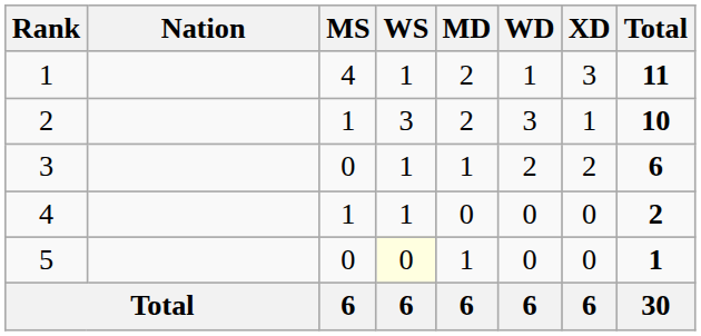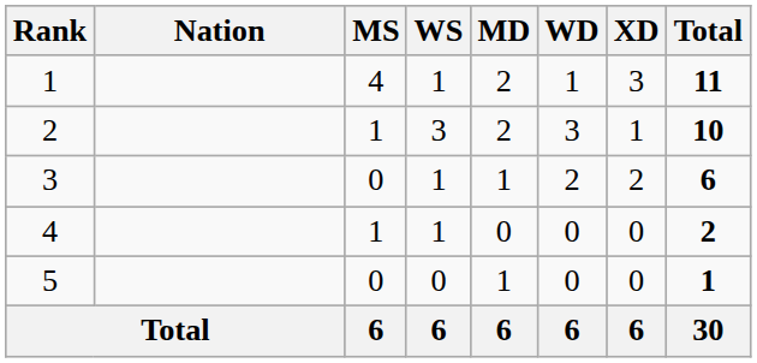 <table class="wikitable" style="text-align:center">
 <tr>
 <th width="20">Rank</th>
 <th width="120">Nation</th>
 <th width="20">MS</th>
 <th width="20">WS</th>
 <th width="20">MD</th>
 <th width="20">WD</th>
 <th width="20">XD</th>
 <th>Total</th>
 </tr>
 <tr align="center">
 <td>1</td>
 <td align="left"></td>
 <td>4</td>
 <td>1</td>
 <td>2</td>
 <td>1</td>
 <td>3</td>
 <td><strong>11</strong></td>
 </tr>
 <tr align="center">
 <td>2</td>
 <td align="left"><strong></strong></td>
 <td>1</td>
 <td>3</td>
 <td>2</td>
 <td>3</td>
 <td>1</td>
 <td><strong>10</strong></td>
 </tr>
 <tr align="center">
 <td>3</td>
 <td align="left"></td>
 <td>0</td>
 <td>1</td>
 <td>1</td>
 <td>2</td>
 <td>2</td>
 <td><strong>6</strong></td>
 </tr>
 <tr align="center">
 <td>4</td>
 <td align="left"></td>
 <td>1</td>
 <td>1</td>
 <td>0</td>
 <td>0</td>
 <td>0</td>
 <td><strong>2</strong></td>
 </tr>
 <tr align="center">
 <td>5</td>
 <td align="left"></td>
 <td>0</td>
-<td style="background: lightyellow;">0</td>
+<td>0</td>
 <td>1</td>
 <td>0</td>
 <td>0</td>
 <td><strong>1</strong></td>
 </tr>
 <tr>
 <th colspan="2">Total</th>
 <th>6</th>
 <th>6</th>
 <th>6</th>
 <th>6</th>
 <th>6</th>
 <th>30</th>
 </tr>
 </table>
